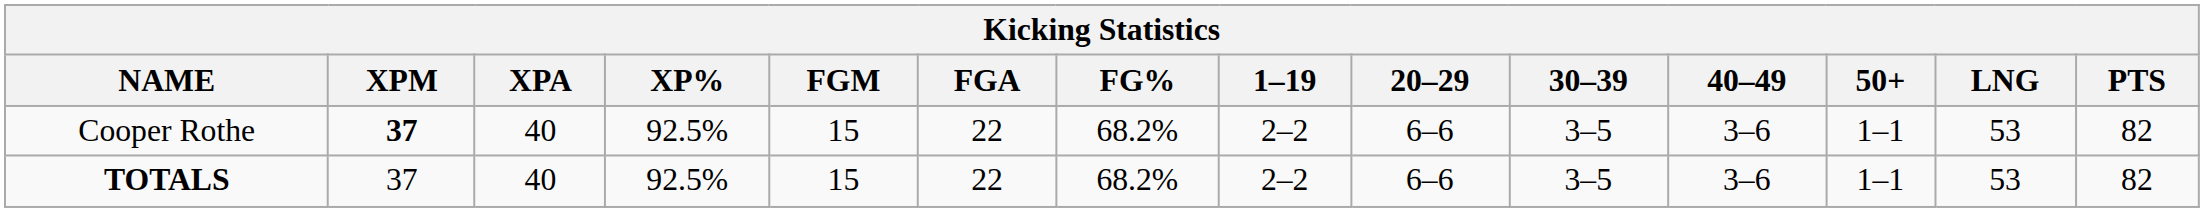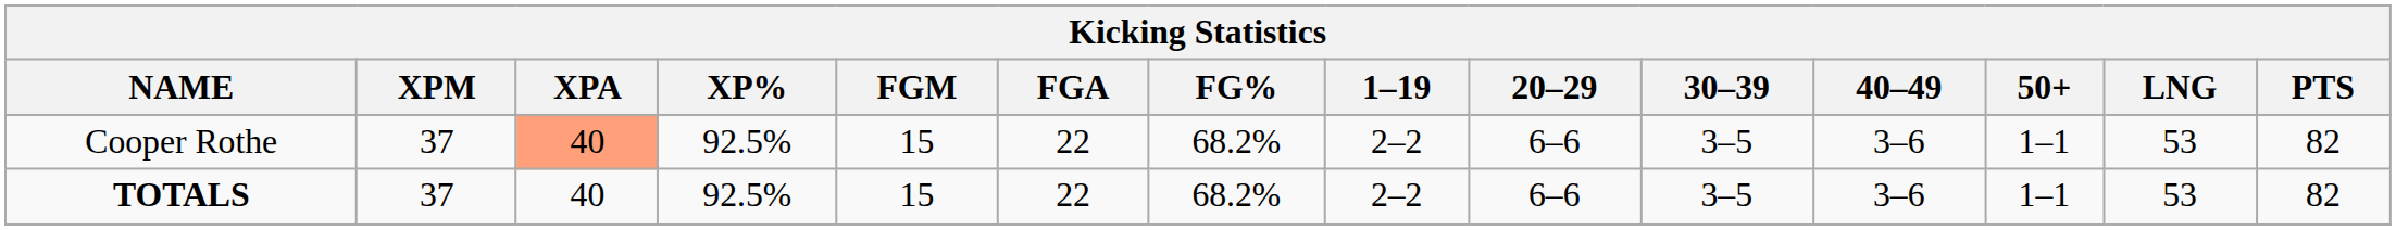 <table style="width:70%; text-align:center;" class="wikitable collapsible collapsed">
 <tr>
 <th colspan="16">Kicking Statistics</th>
 </tr>
 <tr>
 <th>NAME</th>
 <th>XPM</th>
 <th>XPA</th>
 <th>XP%</th>
 <th>FGM</th>
 <th>FGA</th>
 <th>FG%</th>
 <th>1–19</th>
 <th>20–29</th>
 <th>30–39</th>
 <th>40–49</th>
 <th>50+</th>
 <th>LNG</th>
 <th>PTS</th>
 </tr>
 <tr>
 <td>Cooper Rothe</td>
-<td><strong>37</strong></td>
-<td>40</td>
+<td>37</td>
+<td style="background: lightsalmon;">40</td>
 <td>92.5%</td>
 <td>15</td>
 <td>22</td>
 <td>68.2%</td>
 <td>2–2</td>
 <td>6–6</td>
 <td>3–5</td>
 <td>3–6</td>
 <td>1–1</td>
 <td>53</td>
 <td>82</td>
 </tr>
 <tr>
 <td><strong>TOTALS</strong></td>
 <td>37</td>
 <td>40</td>
 <td>92.5%</td>
 <td>15</td>
 <td>22</td>
 <td>68.2%</td>
 <td>2–2</td>
 <td>6–6</td>
 <td>3–5</td>
 <td>3–6</td>
 <td>1–1</td>
 <td>53</td>
 <td>82</td>
 </tr>
 </table>
